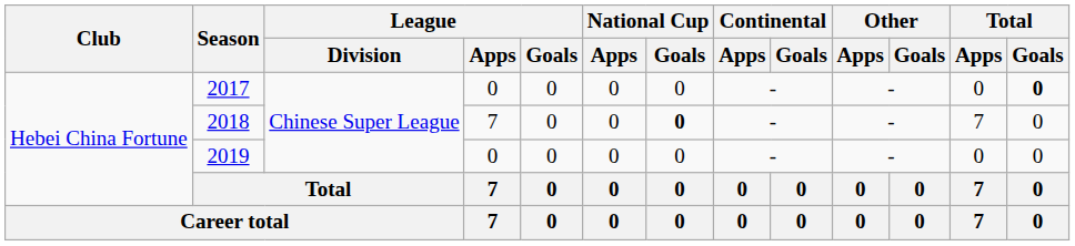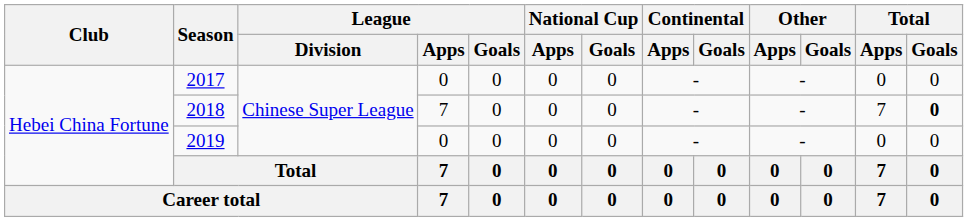 <table class="wikitable" style="text-align: center">
 <tr>
 <th rowspan="2">Club</th>
 <th rowspan="2">Season</th>
 <th colspan="3">League</th>
 <th colspan="2">National Cup</th>
 <th colspan="2">Continental</th>
 <th colspan="2">Other</th>
 <th colspan="2">Total</th>
 </tr>
 <tr>
 <th>Division</th>
 <th>Apps</th>
 <th>Goals</th>
 <th>Apps</th>
 <th>Goals</th>
 <th>Apps</th>
 <th>Goals</th>
 <th>Apps</th>
 <th>Goals</th>
 <th>Apps</th>
 <th>Goals</th>
 </tr>
 <tr>
 <td rowspan="4"><a href='#'>Hebei China Fortune</a></td>
 <td><a href='#'>2017</a></td>
 <td rowspan="3"><a href='#'>Chinese Super League</a></td>
 <td>0</td>
 <td>0</td>
 <td>0</td>
 <td>0</td>
 <td colspan="2">-</td>
 <td colspan="2">-</td>
 <td>0</td>
-<td><strong>0</strong></td>
+<td>0</td>
 </tr>
 <tr>
 <td><a href='#'>2018</a></td>
 <td>7</td>
 <td>0</td>
 <td>0</td>
-<td><strong>0</strong></td>
+<td>0</td>
 <td colspan="2">-</td>
 <td colspan="2">-</td>
 <td>7</td>
-<td>0</td>
+<td><strong>0</strong></td>
 </tr>
 <tr>
 <td><a href='#'>2019</a></td>
 <td>0</td>
 <td>0</td>
 <td>0</td>
 <td>0</td>
 <td colspan="2">-</td>
 <td colspan="2">-</td>
 <td>0</td>
 <td>0</td>
 </tr>
 <tr>
 <th colspan="2"><strong>Total</strong></th>
 <th>7</th>
 <th>0</th>
 <th>0</th>
 <th>0</th>
 <th>0</th>
 <th>0</th>
 <th>0</th>
 <th>0</th>
 <th>7</th>
 <th>0</th>
 </tr>
 <tr>
 <th colspan=3>Career total</th>
 <th>7</th>
 <th>0</th>
 <th>0</th>
 <th>0</th>
 <th>0</th>
 <th>0</th>
 <th>0</th>
 <th>0</th>
 <th>7</th>
 <th>0</th>
 </tr>
 </table>
